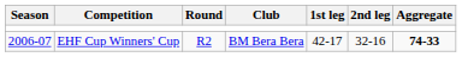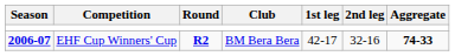 <table class="wikitable">
 <tr>
 <th>Season</th>
 <th>Competition</th>
 <th>Round</th>
 <th>Club</th>
 <th>1st leg</th>
 <th>2nd leg</th>
 <th>Aggregate</th>
 </tr>
 <tr>
 <td colspan="7" bgcolor=white></td>
 </tr>
 <tr>
-<td><a href='#'>2006-07</a></td>
+<td><strong><a href='#'>2006-07</a></strong></td>
 <td><a href='#'>EHF Cup Winners' Cup</a></td>
-<td style="text-align:center;"><a href='#'>R2</a></td>
+<td style="text-align:center;"><strong><a href='#'>R2</a></strong></td>
 <td> <a href='#'>BM Bera Bera</a></td>
 <td style="text-align:center;">42-17</td>
 <td style="text-align:center;">32-16</td>
 <td style="text-align:center;"><strong>74-33</strong></td>
 </tr>
 </table>
